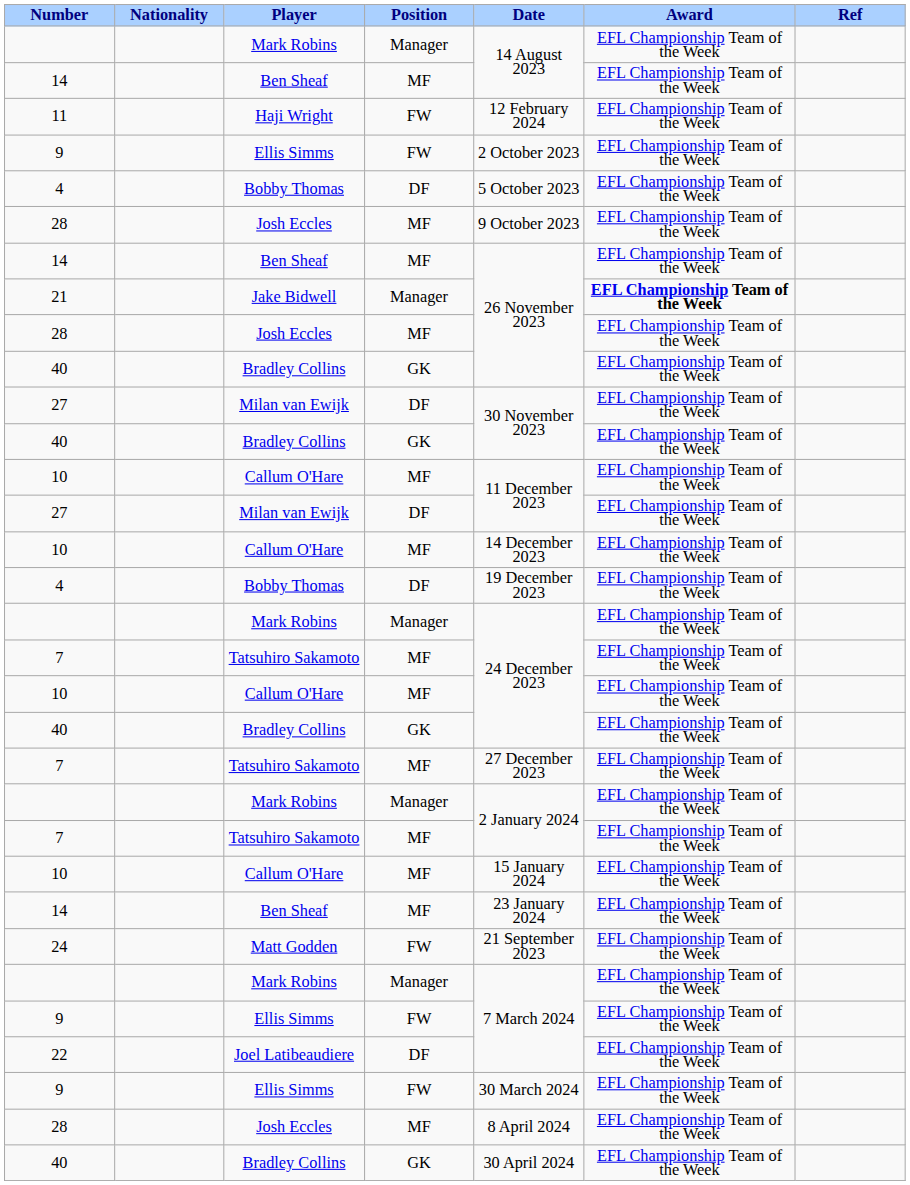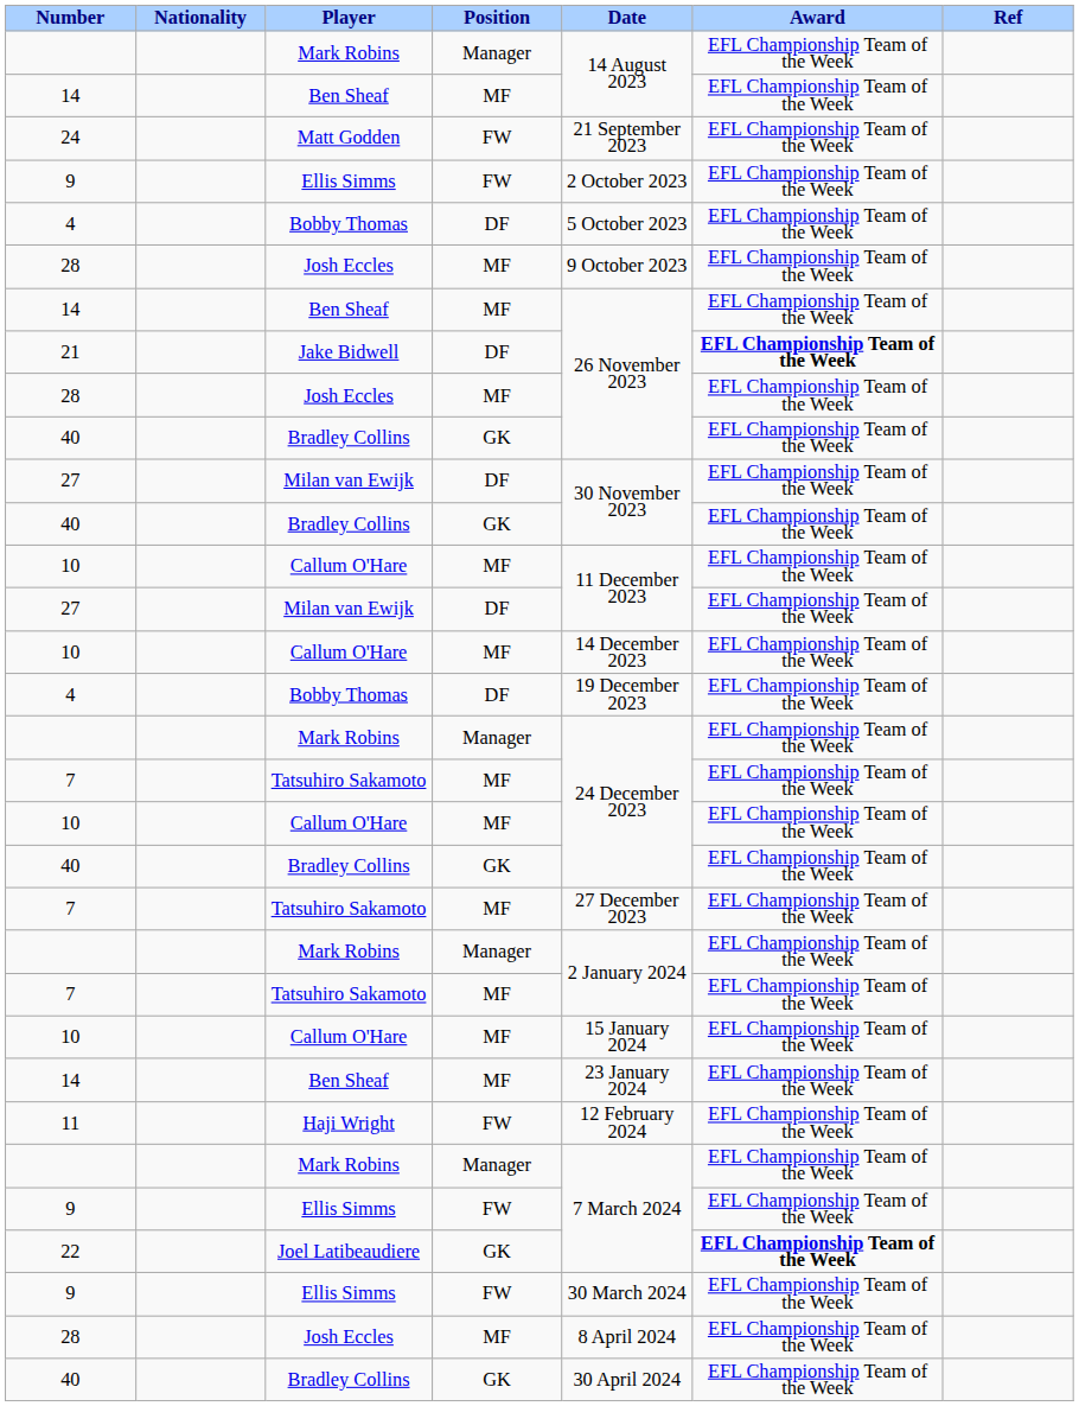 <table class="wikitable sortable alternance" style="font-size:100%; text-align:center; line-height:14px; width:100%;">
 <tr>
 <th style="background:#AAD0FF; color:#000080; width:100px;">Number</th>
 <th style="background:#AAD0FF; color:#000080; width:100px;">Nationality</th>
 <th style="background:#AAD0FF; color:#000080; width:130px;">Player</th>
 <th style="background:#AAD0FF; color:#000080; width:100px;">Position</th>
 <th style="background:#AAD0FF; color:#000080; width:100px;">Date</th>
 <th style="background:#AAD0FF; color:#000080; width:200px;">Award</th>
 <th style="background:#AAD0FF; color:#000080; width:100px;">Ref</th>
 </tr>
 <tr>
 <td></td>
 <td></td>
 <td><a href='#'>Mark Robins</a></td>
 <td>Manager</td>
 <td rowspan="2">14 August 2023</td>
 <td><a href='#'>EFL Championship</a> Team of the Week</td>
 <td></td>
 </tr>
 <tr>
 <td>14</td>
 <td></td>
 <td><a href='#'>Ben Sheaf</a></td>
 <td>MF</td>
 <td><a href='#'>EFL Championship</a> Team of the Week</td>
 <td></td>
 </tr>
 <tr>
-<td>11</td>
+<td>24</td>
 <td></td>
-<td><a href='#'>Haji Wright</a></td>
+<td><a href='#'>Matt Godden</a></td>
 <td>FW</td>
-<td>12 February 2024</td>
+<td>21 September 2023</td>
 <td><a href='#'>EFL Championship</a> Team of the Week</td>
 <td></td>
 </tr>
 <tr>
 <td>9</td>
 <td></td>
 <td><a href='#'>Ellis Simms</a></td>
 <td>FW</td>
 <td>2 October 2023</td>
 <td><a href='#'>EFL Championship</a> Team of the Week</td>
 <td></td>
 </tr>
 <tr>
 <td>4</td>
 <td></td>
 <td><a href='#'>Bobby Thomas</a></td>
 <td>DF</td>
 <td>5 October 2023</td>
 <td><a href='#'>EFL Championship</a> Team of the Week</td>
 <td></td>
 </tr>
 <tr>
 <td>28</td>
 <td></td>
 <td><a href='#'>Josh Eccles</a></td>
 <td>MF</td>
 <td>9 October 2023</td>
 <td><a href='#'>EFL Championship</a> Team of the Week</td>
 <td></td>
 </tr>
 <tr>
 <td>14</td>
 <td></td>
 <td><a href='#'>Ben Sheaf</a></td>
 <td>MF</td>
 <td rowspan="4">26 November 2023</td>
 <td><a href='#'>EFL Championship</a> Team of the Week</td>
 <td></td>
 </tr>
 <tr>
 <td>21</td>
 <td></td>
 <td><a href='#'>Jake Bidwell</a></td>
-<td>Manager</td>
+<td>DF</td>
 <td><strong><a href='#'>EFL Championship</a> Team of the Week</strong></td>
 <td></td>
 </tr>
 <tr>
 <td>28</td>
 <td></td>
 <td><a href='#'>Josh Eccles</a></td>
 <td>MF</td>
 <td><a href='#'>EFL Championship</a> Team of the Week</td>
 <td></td>
 </tr>
 <tr>
 <td>40</td>
 <td></td>
 <td><a href='#'>Bradley Collins</a></td>
 <td>GK</td>
 <td><a href='#'>EFL Championship</a> Team of the Week</td>
 <td></td>
 </tr>
 <tr>
 <td>27</td>
 <td></td>
 <td><a href='#'>Milan van Ewijk</a></td>
 <td>DF</td>
 <td rowspan="2">30 November 2023</td>
 <td><a href='#'>EFL Championship</a> Team of the Week</td>
 <td></td>
 </tr>
 <tr>
 <td>40</td>
 <td></td>
 <td><a href='#'>Bradley Collins</a></td>
 <td>GK</td>
 <td><a href='#'>EFL Championship</a> Team of the Week</td>
 <td></td>
 </tr>
 <tr>
 <td>10</td>
 <td></td>
 <td><a href='#'>Callum O'Hare</a></td>
 <td>MF</td>
 <td rowspan="2">11 December 2023</td>
 <td><a href='#'>EFL Championship</a> Team of the Week</td>
 <td></td>
 </tr>
 <tr>
 <td>27</td>
 <td></td>
 <td><a href='#'>Milan van Ewijk</a></td>
 <td>DF</td>
 <td><a href='#'>EFL Championship</a> Team of the Week</td>
 <td></td>
 </tr>
 <tr>
 <td>10</td>
 <td></td>
 <td><a href='#'>Callum O'Hare</a></td>
 <td>MF</td>
 <td>14 December 2023</td>
 <td><a href='#'>EFL Championship</a> Team of the Week</td>
 <td></td>
 </tr>
 <tr>
 <td>4</td>
 <td></td>
 <td><a href='#'>Bobby Thomas</a></td>
 <td>DF</td>
 <td>19 December 2023</td>
 <td><a href='#'>EFL Championship</a> Team of the Week</td>
 <td></td>
 </tr>
 <tr>
 <td></td>
 <td></td>
 <td><a href='#'>Mark Robins</a></td>
 <td>Manager</td>
 <td rowspan="4">24 December 2023</td>
 <td><a href='#'>EFL Championship</a> Team of the Week</td>
 <td></td>
 </tr>
 <tr>
 <td>7</td>
 <td></td>
 <td><a href='#'>Tatsuhiro Sakamoto</a></td>
 <td>MF</td>
 <td><a href='#'>EFL Championship</a> Team of the Week</td>
 <td></td>
 </tr>
 <tr>
 <td>10</td>
 <td></td>
 <td><a href='#'>Callum O'Hare</a></td>
 <td>MF</td>
 <td><a href='#'>EFL Championship</a> Team of the Week</td>
 <td></td>
 </tr>
 <tr>
 <td>40</td>
 <td></td>
 <td><a href='#'>Bradley Collins</a></td>
 <td>GK</td>
 <td><a href='#'>EFL Championship</a> Team of the Week</td>
 <td></td>
 </tr>
 <tr>
 <td>7</td>
 <td></td>
 <td><a href='#'>Tatsuhiro Sakamoto</a></td>
 <td>MF</td>
 <td>27 December 2023</td>
 <td><a href='#'>EFL Championship</a> Team of the Week</td>
 <td></td>
 </tr>
 <tr>
 <td></td>
 <td></td>
 <td><a href='#'>Mark Robins</a></td>
 <td>Manager</td>
 <td rowspan="2">2 January 2024</td>
 <td><a href='#'>EFL Championship</a> Team of the Week</td>
 <td></td>
 </tr>
 <tr>
 <td>7</td>
 <td></td>
 <td><a href='#'>Tatsuhiro Sakamoto</a></td>
 <td>MF</td>
 <td><a href='#'>EFL Championship</a> Team of the Week</td>
 <td></td>
 </tr>
 <tr>
 <td>10</td>
 <td></td>
 <td><a href='#'>Callum O'Hare</a></td>
 <td>MF</td>
 <td>15 January 2024</td>
 <td><a href='#'>EFL Championship</a> Team of the Week</td>
 <td></td>
 </tr>
 <tr>
 <td>14</td>
 <td></td>
 <td><a href='#'>Ben Sheaf</a></td>
 <td>MF</td>
 <td>23 January 2024</td>
 <td><a href='#'>EFL Championship</a> Team of the Week</td>
 <td></td>
 </tr>
 <tr>
-<td>24</td>
+<td>11</td>
 <td></td>
-<td><a href='#'>Matt Godden</a></td>
+<td><a href='#'>Haji Wright</a></td>
 <td>FW</td>
-<td>21 September 2023</td>
+<td>12 February 2024</td>
 <td><a href='#'>EFL Championship</a> Team of the Week</td>
 <td></td>
 </tr>
 <tr>
 <td></td>
 <td></td>
 <td><a href='#'>Mark Robins</a></td>
 <td>Manager</td>
 <td rowspan="3">7 March 2024</td>
 <td><a href='#'>EFL Championship</a> Team of the Week</td>
 <td></td>
 </tr>
 <tr>
 <td>9</td>
 <td></td>
 <td><a href='#'>Ellis Simms</a></td>
 <td>FW</td>
 <td><a href='#'>EFL Championship</a> Team of the Week</td>
 <td></td>
 </tr>
 <tr>
 <td>22</td>
 <td></td>
 <td><a href='#'>Joel Latibeaudiere</a></td>
-<td>DF</td>
-<td><a href='#'>EFL Championship</a> Team of the Week</td>
+<td>GK</td>
+<td><strong><a href='#'>EFL Championship</a> Team of the Week</strong></td>
 <td></td>
 </tr>
 <tr>
 <td>9</td>
 <td></td>
 <td><a href='#'>Ellis Simms</a></td>
 <td>FW</td>
 <td>30 March 2024</td>
 <td><a href='#'>EFL Championship</a> Team of the Week</td>
 <td></td>
 </tr>
 <tr>
 <td>28</td>
 <td></td>
 <td><a href='#'>Josh Eccles</a></td>
 <td>MF</td>
 <td>8 April 2024</td>
 <td><a href='#'>EFL Championship</a> Team of the Week</td>
 <td></td>
 </tr>
 <tr>
 <td>40</td>
 <td></td>
 <td><a href='#'>Bradley Collins</a></td>
 <td>GK</td>
 <td>30 April 2024</td>
 <td><a href='#'>EFL Championship</a> Team of the Week</td>
 <td></td>
 </tr>
 </table>
